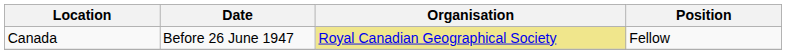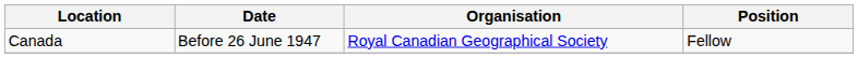 <table class="wikitable" style="width:100%;">
 <tr>
 <th style="width:20%;">Location</th>
 <th style="width:20%;">Date</th>
 <th style="width:40%;">Organisation</th>
 <th style="width:20%;">Position</th>
 </tr>
 <tr>
 <td>Canada</td>
 <td>Before 26 June 1947</td>
-<td style="background: khaki;"><a href='#'>Royal Canadian Geographical Society</a></td>
+<td><a href='#'>Royal Canadian Geographical Society</a></td>
 <td>Fellow</td>
 </tr>
 <tr>
 </tr>
 </table>
